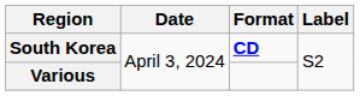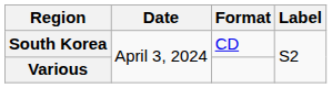 <table class="wikitable plainrowheaders">
 <tr>
 <th scope="col">Region</th>
 <th scope="col">Date</th>
 <th scope="col">Format</th>
 <th scope="col">Label</th>
 </tr>
 <tr>
 <th scope="row">South Korea</th>
 <td rowspan="2">April 3, 2024</td>
-<td><strong><a href='#'>CD</a></strong></td>
+<td><a href='#'>CD</a></td>
 <td rowspan="2">S2</td>
 </tr>
 <tr>
 <th scope="row">Various</th>
 <td></td>
 </tr>
 </table>
